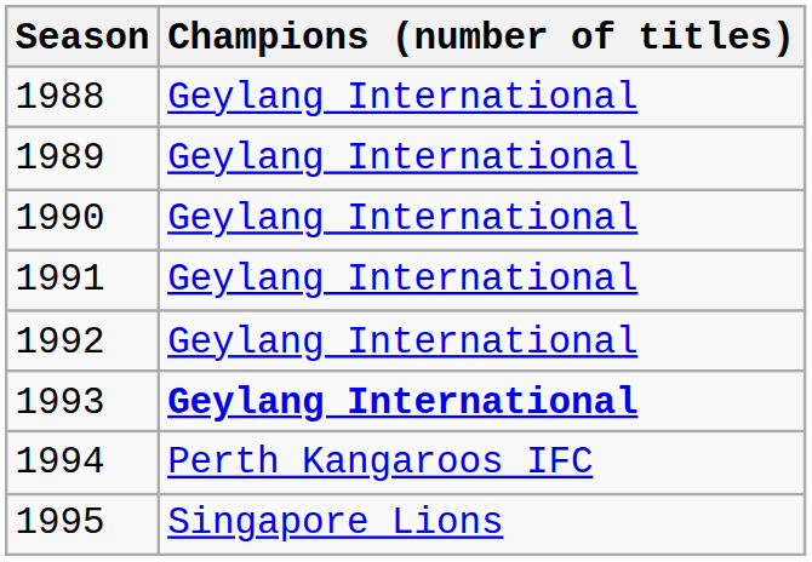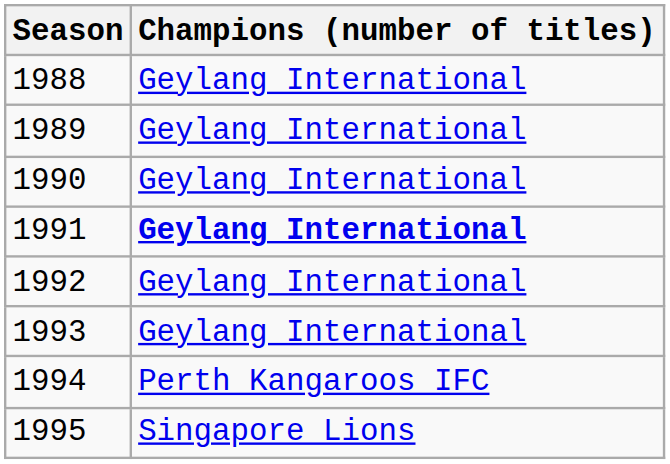 <table class="wikitable">
 <tr>
 <th>Season</th>
 <th>Champions (number of titles)</th>
 </tr>
 <tr>
 <td>1988</td>
 <td><a href='#'>Geylang International</a></td>
 </tr>
 <tr>
 <td>1989</td>
 <td><a href='#'>Geylang International</a></td>
 </tr>
 <tr>
 <td>1990</td>
 <td><a href='#'>Geylang International</a></td>
 </tr>
 <tr>
 <td>1991</td>
-<td><a href='#'>Geylang International</a></td>
+<td><strong><a href='#'>Geylang International</a></strong></td>
 </tr>
 <tr>
 <td>1992</td>
 <td><a href='#'>Geylang International</a></td>
 </tr>
 <tr>
 <td>1993</td>
-<td><strong><a href='#'>Geylang International</a></strong></td>
+<td><a href='#'>Geylang International</a></td>
 </tr>
 <tr>
 <td>1994</td>
 <td><a href='#'>Perth Kangaroos IFC</a></td>
 </tr>
 <tr>
 <td>1995</td>
 <td><a href='#'>Singapore Lions</a></td>
 </tr>
 </table>
